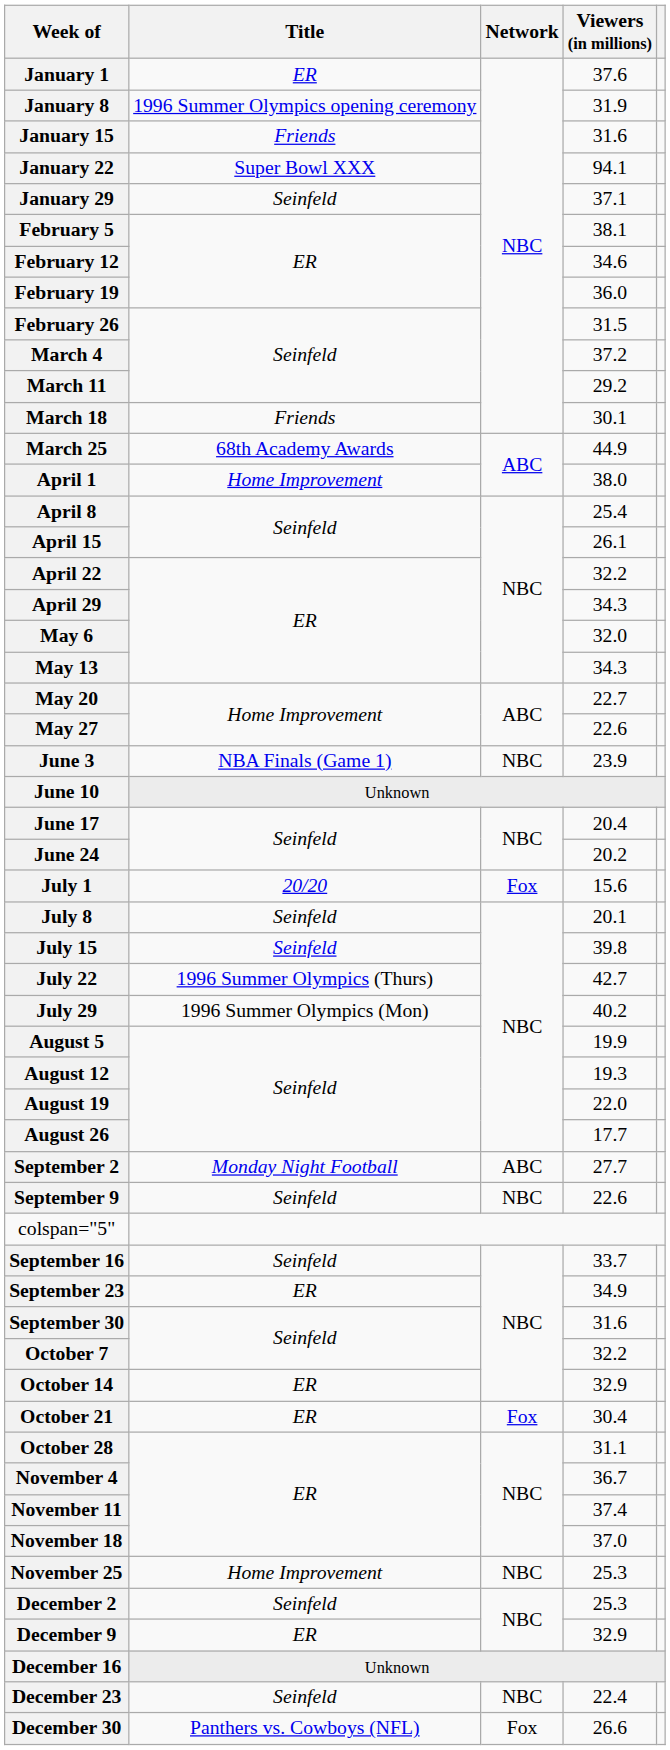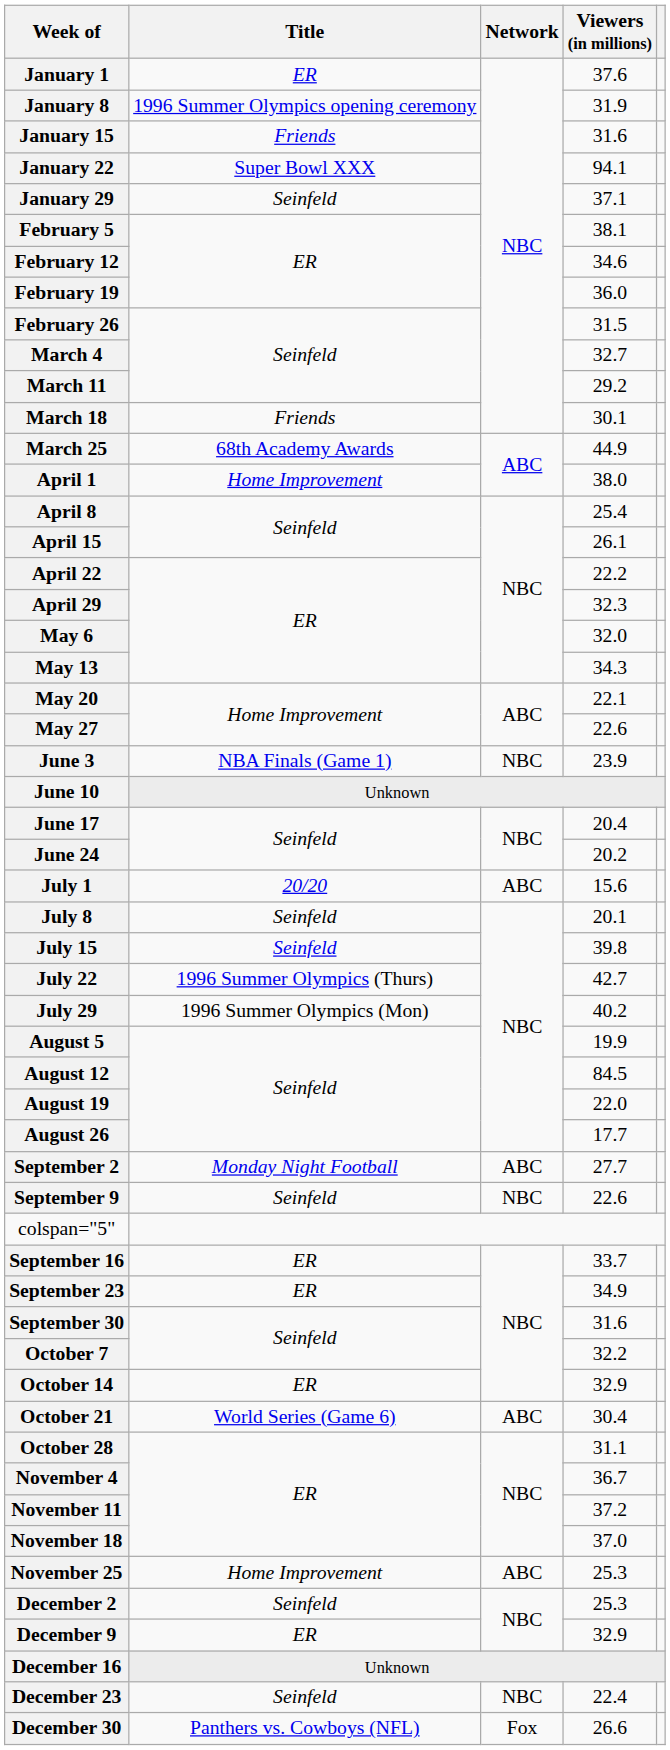 <table class="wikitable plainrowheaders" style="text-align: center; display: inline-table;">
 <tr>
 <th>Week of</th>
 <th>Title</th>
 <th>Network</th>
 <th>Viewers<br><small>(in millions)</small></th>
 <th></th>
 </tr>
 <tr>
 <th scope="row">January 1</th>
 <td><em><a href='#'>ER</a></em></td>
 <td rowspan="12"><a href='#'>NBC</a></td>
 <td>37.6</td>
 <td></td>
 </tr>
 <tr>
 <th scope="row">January 8</th>
 <td><a href='#'>1996 Summer Olympics opening ceremony</a></td>
 <td>31.9</td>
 <td></td>
 </tr>
 <tr>
 <th scope="row">January 15</th>
 <td><em><a href='#'>Friends</a></em></td>
 <td>31.6</td>
 <td></td>
 </tr>
 <tr>
 <th scope="row">January 22</th>
 <td><a href='#'>Super Bowl XXX</a></td>
 <td>94.1</td>
 <td></td>
 </tr>
 <tr>
 <th scope="row">January 29</th>
 <td><em>Seinfeld</em></td>
 <td>37.1</td>
 <td></td>
 </tr>
 <tr>
 <th scope="row">February 5</th>
 <td rowspan="3"><em>ER</em></td>
 <td>38.1</td>
 <td></td>
 </tr>
 <tr>
 <th scope="row">February 12</th>
 <td>34.6</td>
 <td></td>
 </tr>
 <tr>
 <th scope="row">February 19</th>
 <td>36.0</td>
 <td></td>
 </tr>
 <tr>
 <th scope="row">February 26</th>
 <td rowspan="3"><em>Seinfeld</em></td>
 <td>31.5</td>
 <td></td>
 </tr>
 <tr>
 <th scope="row">March 4</th>
-<td>37.2</td>
+<td>32.7</td>
 <td></td>
 </tr>
 <tr>
 <th scope="row">March 11</th>
 <td>29.2</td>
 <td></td>
 </tr>
 <tr>
 <th scope="row">March 18</th>
 <td><em>Friends</em></td>
 <td>30.1</td>
 <td></td>
 </tr>
 <tr>
 <th scope="row">March 25</th>
 <td><a href='#'>68th Academy Awards</a></td>
 <td rowspan="2"><a href='#'>ABC</a></td>
 <td>44.9</td>
 <td></td>
 </tr>
 <tr>
 <th scope="row">April 1</th>
 <td><em><a href='#'>Home Improvement</a></em></td>
 <td>38.0</td>
 <td></td>
 </tr>
 <tr>
 <th scope="row">April 8</th>
 <td rowspan="2"><em>Seinfeld</em></td>
 <td rowspan="6">NBC</td>
 <td>25.4</td>
 <td></td>
 </tr>
 <tr>
 <th scope="row">April 15</th>
 <td>26.1</td>
 <td></td>
 </tr>
 <tr>
 <th scope="row">April 22</th>
 <td rowspan="4"><em>ER</em></td>
-<td>32.2</td>
+<td>22.2</td>
 <td></td>
 </tr>
 <tr>
 <th scope="row">April 29</th>
-<td>34.3</td>
+<td>32.3</td>
 <td></td>
 </tr>
 <tr>
 <th scope="row">May 6</th>
 <td>32.0</td>
 <td></td>
 </tr>
 <tr>
 <th scope="row">May 13</th>
 <td>34.3</td>
 <td></td>
 </tr>
 <tr>
 <th scope="row">May 20</th>
 <td rowspan="2"><em>Home Improvement</em></td>
 <td rowspan="2">ABC</td>
-<td>22.7</td>
+<td>22.1</td>
 <td></td>
 </tr>
 <tr>
 <th scope="row">May 27</th>
 <td>22.6</td>
 <td></td>
 </tr>
 <tr>
 <th scope="row">June 3</th>
 <td><a href='#'>NBA Finals (Game 1)</a></td>
 <td>NBC</td>
 <td>23.9</td>
 <td></td>
 </tr>
 <tr>
 <th scope="row">June 10</th>
 <td colspan="4" style="background:#ECECEC;"><small>Unknown</small></td>
 </tr>
 <tr>
 <th scope="row">June 17</th>
 <td rowspan="2"><em>Seinfeld</em></td>
 <td rowspan="2">NBC</td>
 <td>20.4</td>
 <td></td>
 </tr>
 <tr>
 <th scope="row">June 24</th>
 <td>20.2</td>
 <td></td>
 </tr>
 <tr>
 <th scope="row">July 1</th>
 <td><em><a href='#'>20/20</a></em></td>
-<td><a href='#'>Fox</a></td>
+<td>ABC</td>
 <td>15.6</td>
 <td></td>
 </tr>
 <tr>
 <th scope="row">July 8</th>
 <td><em>Seinfeld</em></td>
 <td rowspan="8">NBC</td>
 <td>20.1</td>
 <td></td>
 </tr>
 <tr>
 <th scope="row">July 15</th>
 <td><em><a href='#'>Seinfeld</a></em></td>
 <td>39.8</td>
 <td></td>
 </tr>
 <tr>
 <th scope="row">July 22</th>
 <td><a href='#'>1996 Summer Olympics</a> (Thurs)</td>
 <td>42.7</td>
 <td></td>
 </tr>
 <tr>
 <th scope="row">July 29</th>
 <td>1996 Summer Olympics (Mon)</td>
 <td>40.2</td>
 <td></td>
 </tr>
 <tr>
 <th scope="row">August 5</th>
 <td rowspan="4"><em>Seinfeld</em></td>
 <td>19.9</td>
 <td></td>
 </tr>
 <tr>
 <th scope="row">August 12</th>
-<td>19.3</td>
+<td>84.5</td>
 <td></td>
 </tr>
 <tr>
 <th scope="row">August 19</th>
 <td>22.0</td>
 <td></td>
 </tr>
 <tr>
 <th scope="row">August 26</th>
 <td>17.7</td>
 <td></td>
 </tr>
 <tr>
 <th scope="row">September 2</th>
 <td><em><a href='#'>Monday Night Football</a></em></td>
 <td>ABC</td>
 <td>27.7</td>
 <td></td>
 </tr>
 <tr>
 <th scope="row">September 9</th>
 <td><em>Seinfeld</em></td>
 <td>NBC</td>
 <td>22.6</td>
 <td></td>
 </tr>
 <tr>
 <td>colspan="5" </td>
 </tr>
 <tr>
 <th scope="row">September 16</th>
-<td><em>Seinfeld</em></td>
+<td><em>ER</em></td>
 <td rowspan="5">NBC</td>
 <td>33.7</td>
 <td></td>
 </tr>
 <tr>
 <th scope="row">September 23</th>
 <td><em>ER</em></td>
 <td>34.9</td>
 <td></td>
 </tr>
 <tr>
 <th scope="row">September 30</th>
 <td rowspan="2"><em>Seinfeld</em></td>
 <td>31.6</td>
 <td></td>
 </tr>
 <tr>
 <th scope="row">October 7</th>
 <td>32.2</td>
 <td></td>
 </tr>
 <tr>
 <th scope="row">October 14</th>
 <td><em>ER</em></td>
 <td>32.9</td>
 <td></td>
 </tr>
 <tr>
 <th scope="row">October 21</th>
-<td><em>ER</em></td>
-<td><a href='#'>Fox</a></td>
+<td><a href='#'>World Series (Game 6)</a></td>
+<td>ABC</td>
 <td>30.4</td>
 <td></td>
 </tr>
 <tr>
 <th scope="row">October 28</th>
 <td rowspan="4"><em>ER</em></td>
 <td rowspan="4">NBC</td>
 <td>31.1</td>
 <td></td>
 </tr>
 <tr>
 <th scope="row">November 4</th>
 <td>36.7</td>
 <td></td>
 </tr>
 <tr>
 <th scope="row">November 11</th>
-<td>37.4</td>
+<td>37.2</td>
 <td></td>
 </tr>
 <tr>
 <th scope="row">November 18</th>
 <td>37.0</td>
 <td></td>
 </tr>
 <tr>
 <th scope="row">November 25</th>
 <td><em>Home Improvement</em></td>
-<td>NBC</td>
+<td>ABC</td>
 <td>25.3</td>
 <td></td>
 </tr>
 <tr>
 <th scope="row">December 2</th>
 <td><em>Seinfeld</em></td>
 <td rowspan="2">NBC</td>
 <td>25.3</td>
 <td></td>
 </tr>
 <tr>
 <th scope="row">December 9</th>
 <td><em>ER</em></td>
 <td>32.9</td>
 <td></td>
 </tr>
 <tr>
 <th scope="row">December 16</th>
 <td colspan="4" style="background:#ECECEC;"><small>Unknown</small></td>
 </tr>
 <tr>
 <th scope="row">December 23</th>
 <td><em>Seinfeld</em></td>
 <td>NBC</td>
 <td>22.4</td>
 <td></td>
 </tr>
 <tr>
 <th scope="row">December 30</th>
 <td><a href='#'>Panthers vs. Cowboys (NFL)</a></td>
 <td>Fox</td>
 <td>26.6</td>
 <td></td>
 </tr>
 </table>
